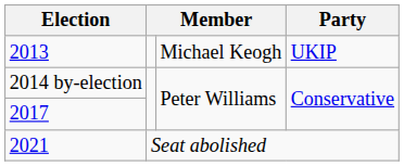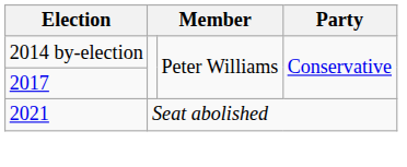 <table class="wikitable">
 <tr>
 <th>Election</th>
 <th colspan="2">Member</th>
 <th>Party</th>
-</tr>
-<tr>
-<td><a href='#'>2013</a></td>
-<td rowspan="1" style="background-color: "></td>
-<td rowspan="1">Michael Keogh</td>
-<td rowspan="1"><a href='#'>UKIP</a></td>
 </tr>
 <tr>
 <td>2014 by-election</td>
 <td rowspan="2" style="background-color: "></td>
 <td rowspan="2">Peter Williams</td>
 <td rowspan="2"><a href='#'>Conservative</a></td>
 </tr>
 <tr>
 <td><a href='#'>2017</a></td>
 </tr>
 <tr>
 <td><a href='#'>2021</a></td>
 <td colspan="3"><em>Seat abolished</em></td>
 </tr>
 </table>
